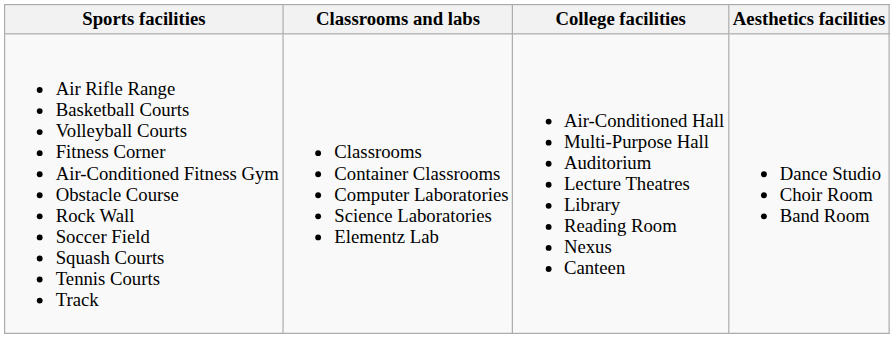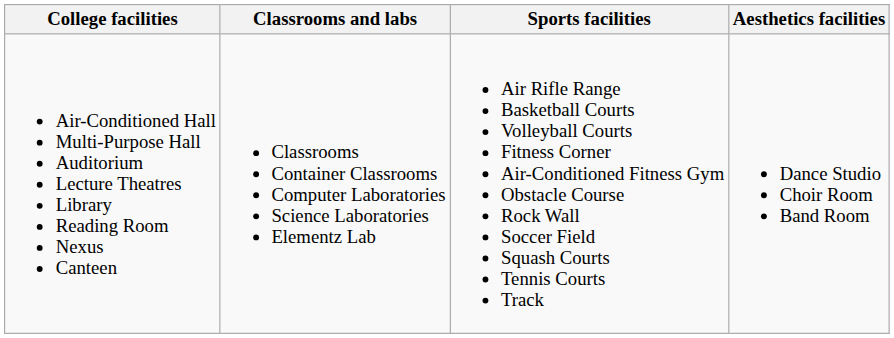 <table class="wikitable" border="1">
 <tr>
+<th>College facilities</th>
+<th>Classrooms and labs</th>
 <th>Sports facilities</th>
-<th>Classrooms and labs</th>
-<th>College facilities</th>
 <th>Aesthetics facilities</th>
 </tr>
 <tr>
+<td><br><ul><li>Air-Conditioned Hall</li><li>Multi-Purpose Hall</li><li>Auditorium</li><li>Lecture Theatres</li><li>Library</li><li>Reading Room</li><li>Nexus</li><li>Canteen</li></ul></td>
+<td><br><ul><li>Classrooms</li><li>Container Classrooms</li><li>Computer Laboratories</li><li>Science Laboratories</li><li>Elementz Lab</li></ul></td>
 <td><br><ul><li>Air Rifle Range</li><li>Basketball Courts</li><li>Volleyball Courts</li><li>Fitness Corner</li><li>Air-Conditioned Fitness Gym</li><li>Obstacle Course</li><li>Rock Wall</li><li>Soccer Field</li><li>Squash Courts</li><li>Tennis Courts</li><li>Track</li></ul></td>
-<td><br><ul><li>Classrooms</li><li>Container Classrooms</li><li>Computer Laboratories</li><li>Science Laboratories</li><li>Elementz Lab</li></ul></td>
-<td><br><ul><li>Air-Conditioned Hall</li><li>Multi-Purpose Hall</li><li>Auditorium</li><li>Lecture Theatres</li><li>Library</li><li>Reading Room</li><li>Nexus</li><li>Canteen</li></ul></td>
 <td><br><ul><li>Dance Studio</li><li>Choir Room</li><li>Band Room</li></ul></td>
 </tr>
 </table>
